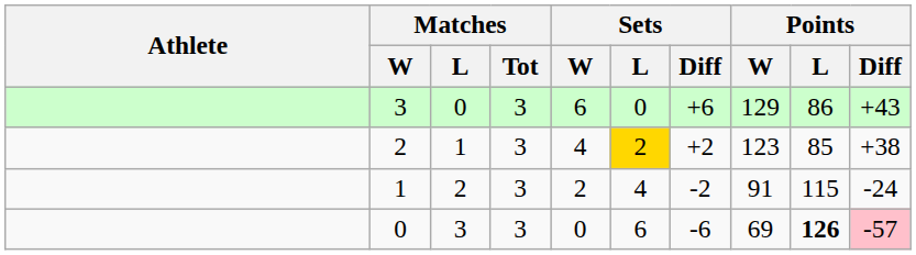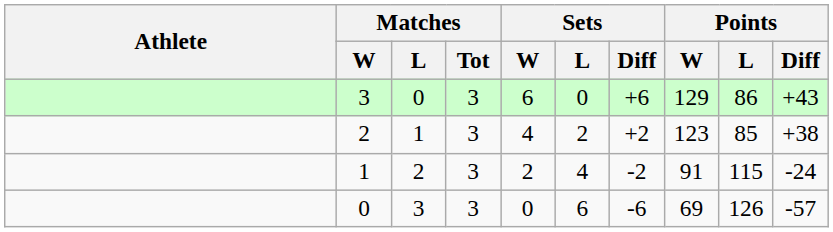 <table class=wikitable style="text-align:center">
 <tr>
 <th rowspan=2 width=220>Athlete</th>
 <th colspan=3 width=90>Matches</th>
 <th colspan=3 width=90>Sets</th>
 <th colspan=3 width=90>Points</th>
 </tr>
 <tr>
 <th width=30>W</th>
 <th width=30>L</th>
 <th width=30>Tot</th>
 <th width=30>W</th>
 <th width=30>L</th>
 <th width=30>Diff</th>
 <th width=30>W</th>
 <th width=30>L</th>
 <th width=30>Diff</th>
 </tr>
 <tr bgcolor=ccffcc>
 <td style="text-align:left"></td>
 <td>3</td>
 <td>0</td>
 <td>3</td>
 <td>6</td>
 <td>0</td>
 <td>+6</td>
 <td>129</td>
 <td>86</td>
 <td>+43</td>
 </tr>
 <tr>
 <td style="text-align:left"></td>
 <td>2</td>
 <td>1</td>
 <td>3</td>
 <td>4</td>
-<td style="background: gold;">2</td>
+<td>2</td>
 <td>+2</td>
 <td>123</td>
 <td>85</td>
 <td>+38</td>
 </tr>
 <tr>
 <td style="text-align:left"></td>
 <td>1</td>
 <td>2</td>
 <td>3</td>
 <td>2</td>
 <td>4</td>
 <td>-2</td>
 <td>91</td>
 <td>115</td>
 <td>-24</td>
 </tr>
 <tr>
 <td style="text-align:left"></td>
 <td>0</td>
 <td>3</td>
 <td>3</td>
 <td>0</td>
 <td>6</td>
 <td>-6</td>
 <td>69</td>
-<td><strong>126</strong></td>
-<td style="background: pink;">-57</td>
+<td>126</td>
+<td>-57</td>
 </tr>
 </table>
